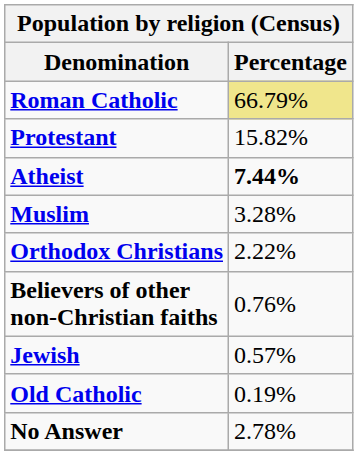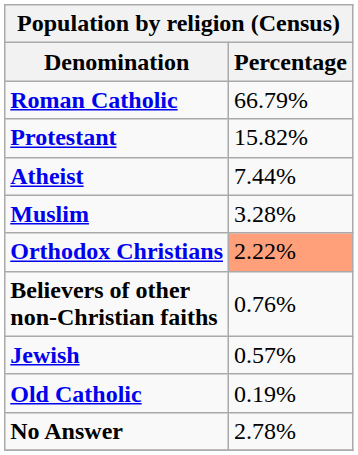 <table class="wikitable">
 <tr>
 <th colspan="3">Population by religion (Census)</th>
 </tr>
 <tr bgcolor="#E3E3E3">
 <th>Denomination</th>
 <th>Percentage</th>
 </tr>
 <tr>
 <td><strong><a href='#'>Roman Catholic</a></strong></td>
-<td style="background: khaki;">66.79%</td>
+<td>66.79%</td>
 </tr>
 <tr>
 <td><strong><a href='#'>Protestant</a></strong></td>
 <td>15.82%</td>
 </tr>
 <tr>
 <td><strong><a href='#'>Atheist</a></strong></td>
-<td><strong>7.44%</strong></td>
+<td>7.44%</td>
 </tr>
 <tr>
 <td><strong><a href='#'>Muslim</a></strong></td>
 <td>3.28%</td>
 </tr>
 <tr>
 <td><strong><a href='#'>Orthodox Christians</a></strong></td>
-<td>2.22%</td>
+<td style="background: lightsalmon;">2.22%</td>
 </tr>
 <tr>
 <td><strong>Believers of other <br>non-Christian faiths</strong></td>
 <td>0.76%</td>
 </tr>
 <tr>
 <td><strong><a href='#'>Jewish</a></strong></td>
 <td>0.57%</td>
 </tr>
 <tr>
 <td><strong><a href='#'>Old Catholic</a></strong></td>
 <td>0.19%</td>
 </tr>
 <tr>
 <td><strong>No Answer</strong></td>
 <td>2.78%</td>
 </tr>
 <tr>
 </tr>
 </table>
